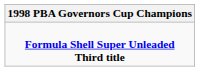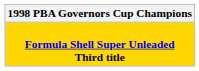 <table class=wikitable style="text-align:center; margin:auto">
 <tr>
 <th>1998 PBA Governors Cup Champions</th>
 </tr>
 <tr>
-<td><br> <strong><a href='#'>Formula Shell Super Unleaded</a></strong> <br> <strong>Third title</strong></td>
+<td style="background: gold;"><br> <strong><a href='#'>Formula Shell Super Unleaded</a></strong> <br> <strong>Third title</strong></td>
 </tr>
 </table>
